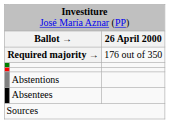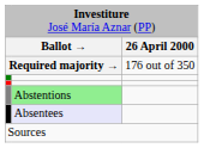 <table class="wikitable" style="text-align:center;">
 <tr>
 <td colspan="3" align="center" bgcolor="#C0C0C0"><strong>Investiture</strong><br><a href='#'>José María Aznar</a> (<a href='#'>PP</a>)</td>
 </tr>
 <tr>
 <th colspan="2" width="150px">Ballot →</th>
 <th>26 April 2000</th>
 </tr>
 <tr>
 <th colspan="2">Required majority →</th>
 <td>176 out of 350 </td>
 </tr>
 <tr>
 <th width="1px" style="background:green;"></th>
 <td align="left"></td>
 <td></td>
 </tr>
 <tr>
 <th style="color:inherit;background:red;"></th>
 <td align="left"></td>
 <td></td>
 </tr>
 <tr>
 <th style="color:inherit;background:gray;"></th>
-<td align="left"><span>Abstentions</span></td>
+<td align="left" style="background: lightgreen;"><span>Abstentions</span></td>
 <td></td>
 </tr>
 <tr>
 <th style="color:inherit;background:black;"></th>
-<td align="left"><span>Absentees</span></td>
+<td align="left" style="background: lavender;"><span>Absentees</span></td>
 <td></td>
 </tr>
 <tr>
 <td align="left" colspan="4">Sources</td>
 </tr>
 </table>
